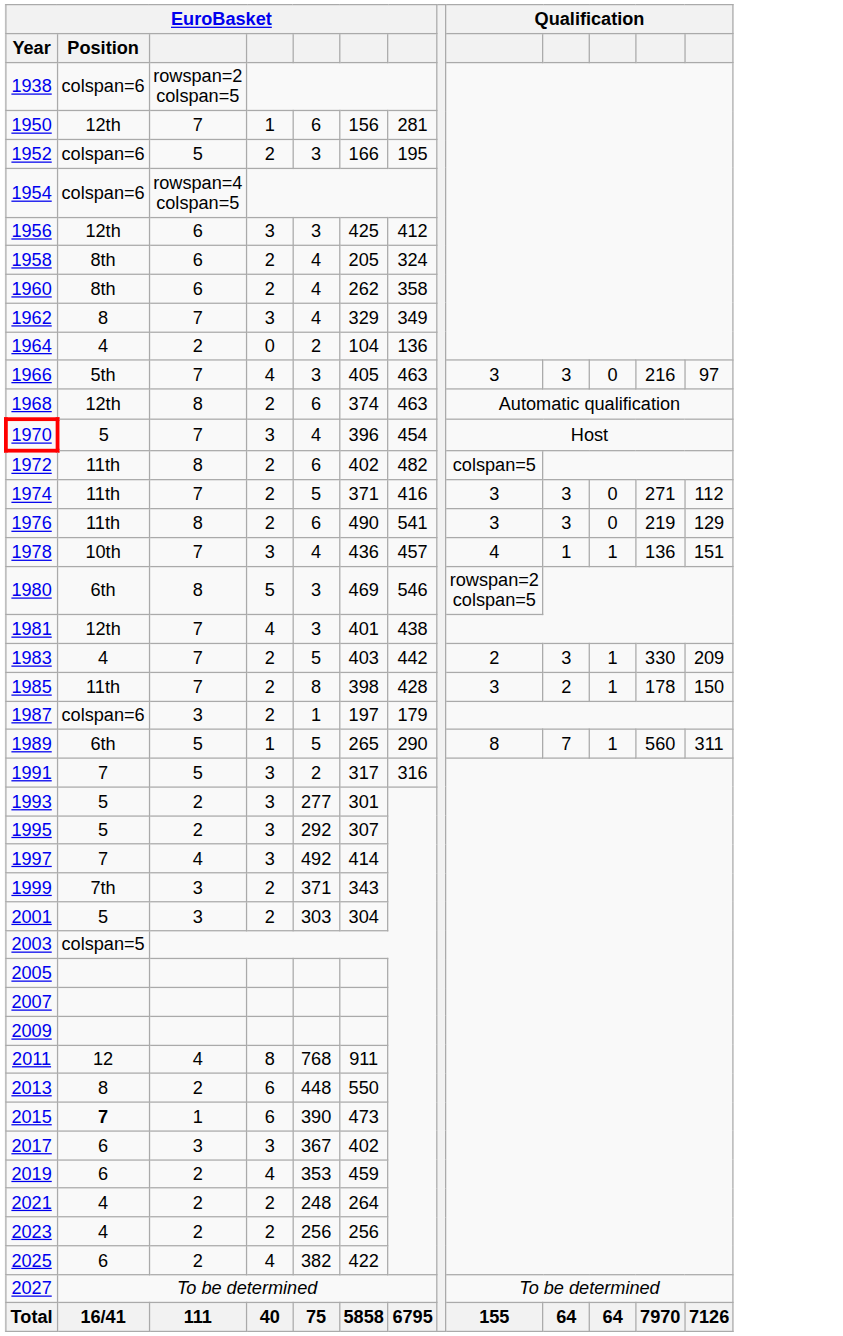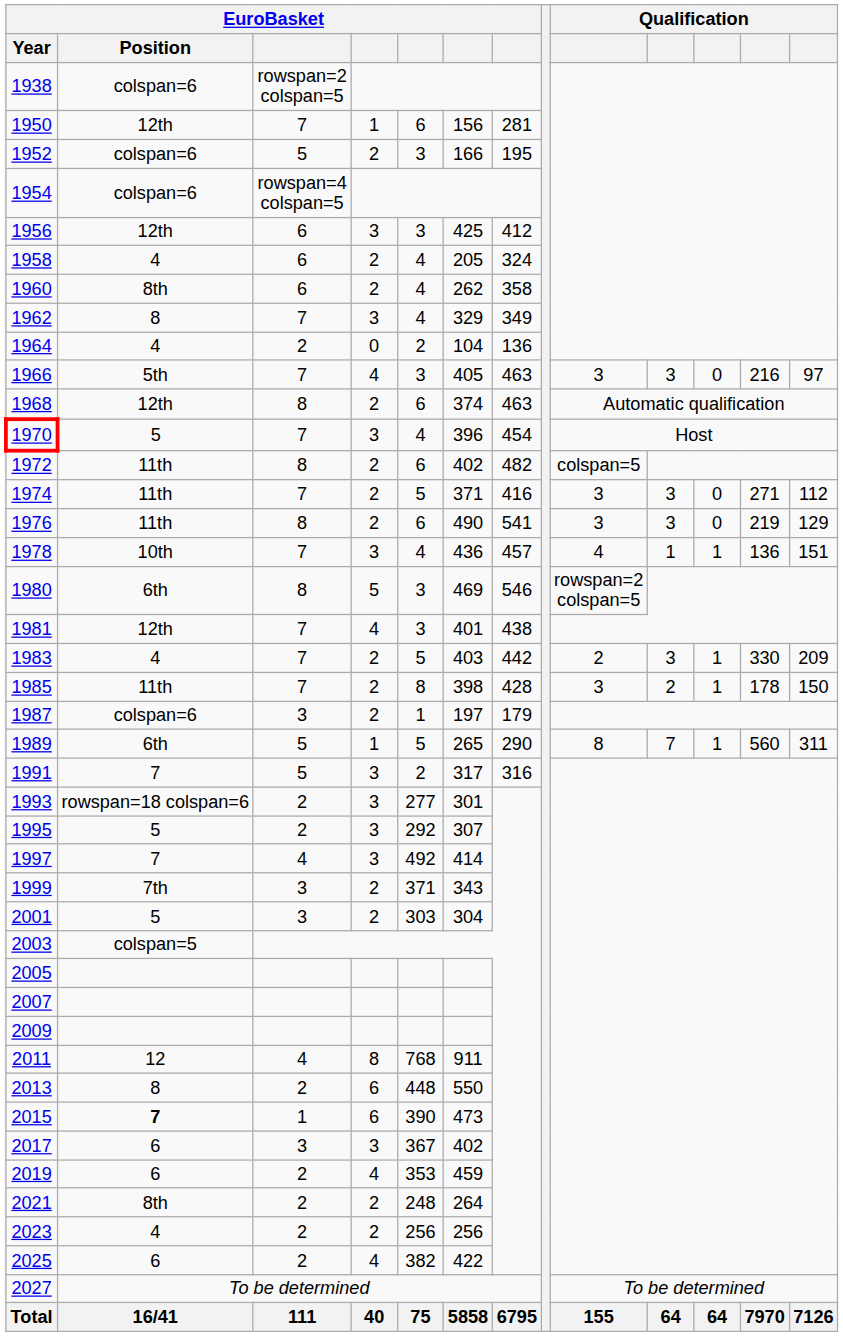 <table class="wikitable" style="text-align:center;font-size:90%;">
 <tr>
 <th colspan="7"><a href='#'>EuroBasket</a></th>
 <th rowspan="44"></th>
 <th colspan="5">Qualification</th>
 </tr>
 <tr>
 <th>Year</th>
 <th>Position</th>
 <th width="30"></th>
 <th width="30"></th>
 <th width="30"></th>
 <th width="30"></th>
 <th width="30"></th>
 <th width="30"></th>
 <th width="30"></th>
 <th width="30"></th>
 <th width="30"></th>
 <th width="30"></th>
 </tr>
 <tr>
 <td> <a href='#'>1938</a></td>
 <td>colspan=6 </td>
 <td>rowspan=2 colspan=5 </td>
 </tr>
 <tr>
 <td> <a href='#'>1950</a></td>
 <td>12th</td>
 <td>7</td>
 <td>1</td>
 <td>6</td>
 <td>156</td>
 <td>281</td>
 </tr>
 <tr>
 <td> <a href='#'>1952</a></td>
 <td>colspan=6 </td>
 <td>5</td>
 <td>2</td>
 <td>3</td>
 <td>166</td>
 <td>195</td>
 </tr>
 <tr>
 <td> <a href='#'>1954</a></td>
 <td>colspan=6 </td>
 <td>rowspan=4 colspan=5 </td>
 </tr>
 <tr>
 <td> <a href='#'>1956</a></td>
 <td>12th</td>
 <td>6</td>
 <td>3</td>
 <td>3</td>
 <td>425</td>
 <td>412</td>
 </tr>
 <tr>
 <td> <a href='#'>1958</a></td>
-<td>8th</td>
+<td>4</td>
 <td>6</td>
 <td>2</td>
 <td>4</td>
 <td>205</td>
 <td>324</td>
 </tr>
 <tr>
 <td> <a href='#'>1960</a></td>
 <td>8th</td>
 <td>6</td>
 <td>2</td>
 <td>4</td>
 <td>262</td>
 <td>358</td>
 </tr>
 <tr>
 <td> <a href='#'>1962</a></td>
 <td>8</td>
 <td>7</td>
 <td>3</td>
 <td>4</td>
 <td>329</td>
 <td>349</td>
 </tr>
 <tr>
 <td> <a href='#'>1964</a></td>
 <td>4</td>
 <td>2</td>
 <td>0</td>
 <td>2</td>
 <td>104</td>
 <td>136</td>
 </tr>
 <tr>
 <td> <a href='#'>1966</a></td>
 <td>5th</td>
 <td>7</td>
 <td>4</td>
 <td>3</td>
 <td>405</td>
 <td>463</td>
 <td>3</td>
 <td>3</td>
 <td>0</td>
 <td>216</td>
 <td>97</td>
 </tr>
 <tr>
 <td> <a href='#'>1968</a></td>
 <td>12th</td>
 <td>8</td>
 <td>2</td>
 <td>6</td>
 <td>374</td>
 <td>463</td>
 <td colspan=5>Automatic qualification</td>
 </tr>
 <tr>
 <td style="border: 3px solid red"> <a href='#'>1970</a></td>
 <td>5</td>
 <td>7</td>
 <td>3</td>
 <td>4</td>
 <td>396</td>
 <td>454</td>
 <td colspan=5>Host</td>
 </tr>
 <tr>
 <td> <a href='#'>1972</a></td>
 <td>11th</td>
 <td>8</td>
 <td>2</td>
 <td>6</td>
 <td>402</td>
 <td>482</td>
 <td>colspan=5 </td>
 </tr>
 <tr>
 <td> <a href='#'>1974</a></td>
 <td>11th</td>
 <td>7</td>
 <td>2</td>
 <td>5</td>
 <td>371</td>
 <td>416</td>
 <td>3</td>
 <td>3</td>
 <td>0</td>
 <td>271</td>
 <td>112</td>
 </tr>
 <tr>
 <td> <a href='#'>1976</a></td>
 <td>11th</td>
 <td>8</td>
 <td>2</td>
 <td>6</td>
 <td>490</td>
 <td>541</td>
 <td>3</td>
 <td>3</td>
 <td>0</td>
 <td>219</td>
 <td>129</td>
 </tr>
 <tr>
 <td> <a href='#'>1978</a></td>
 <td>10th</td>
 <td>7</td>
 <td>3</td>
 <td>4</td>
 <td>436</td>
 <td>457</td>
 <td>4</td>
 <td>1</td>
 <td>1</td>
 <td>136</td>
 <td>151</td>
 </tr>
 <tr>
 <td> <a href='#'>1980</a></td>
 <td>6th</td>
 <td>8</td>
 <td>5</td>
 <td>3</td>
 <td>469</td>
 <td>546</td>
 <td>rowspan=2 colspan=5 </td>
 </tr>
 <tr>
 <td> <a href='#'>1981</a></td>
 <td>12th</td>
 <td>7</td>
 <td>4</td>
 <td>3</td>
 <td>401</td>
 <td>438</td>
 </tr>
 <tr>
 <td> <a href='#'>1983</a></td>
 <td>4</td>
 <td>7</td>
 <td>2</td>
 <td>5</td>
 <td>403</td>
 <td>442</td>
 <td>2</td>
 <td>3</td>
 <td>1</td>
 <td>330</td>
 <td>209</td>
 </tr>
 <tr>
 <td> <a href='#'>1985</a></td>
 <td>11th</td>
 <td>7</td>
 <td>2</td>
 <td>8</td>
 <td>398</td>
 <td>428</td>
 <td>3</td>
 <td>2</td>
 <td>1</td>
 <td>178</td>
 <td>150</td>
 </tr>
 <tr>
 <td> <a href='#'>1987</a></td>
 <td>colspan=6 </td>
 <td>3</td>
 <td>2</td>
 <td>1</td>
 <td>197</td>
 <td>179</td>
 </tr>
 <tr>
 <td> <a href='#'>1989</a></td>
 <td>6th</td>
 <td>5</td>
 <td>1</td>
 <td>5</td>
 <td>265</td>
 <td>290</td>
 <td>8</td>
 <td>7</td>
 <td>1</td>
 <td>560</td>
 <td>311</td>
 </tr>
 <tr>
 <td> <a href='#'>1991</a></td>
 <td>7</td>
 <td>5</td>
 <td>3</td>
 <td>2</td>
 <td>317</td>
 <td>316</td>
 </tr>
 <tr>
 <td> <a href='#'>1993</a></td>
-<td>5</td>
+<td>rowspan=18 colspan=6 </td>
 <td>2</td>
 <td>3</td>
 <td>277</td>
 <td>301</td>
 </tr>
 <tr>
 <td> <a href='#'>1995</a></td>
 <td>5</td>
 <td>2</td>
 <td>3</td>
 <td>292</td>
 <td>307</td>
 </tr>
 <tr>
 <td> <a href='#'>1997</a></td>
 <td>7</td>
 <td>4</td>
 <td>3</td>
 <td>492</td>
 <td>414</td>
 </tr>
 <tr>
 <td> <a href='#'>1999</a></td>
 <td>7th</td>
 <td>3</td>
 <td>2</td>
 <td>371</td>
 <td>343</td>
 </tr>
 <tr>
 <td> <a href='#'>2001</a></td>
 <td>5</td>
 <td>3</td>
 <td>2</td>
 <td>303</td>
 <td>304</td>
 </tr>
 <tr>
 <td> <a href='#'>2003</a></td>
 <td>colspan=5 </td>
 </tr>
 <tr>
 <td> <a href='#'>2005</a></td>
 <td></td>
 <td></td>
 <td></td>
 <td></td>
 <td></td>
 </tr>
 <tr>
 <td> <a href='#'>2007</a></td>
 <td></td>
 <td></td>
 <td></td>
 <td></td>
 <td></td>
 </tr>
 <tr>
 <td> <a href='#'>2009</a></td>
 <td></td>
 <td></td>
 <td></td>
 <td></td>
 <td></td>
 </tr>
 <tr>
 <td> <a href='#'>2011</a></td>
 <td>12</td>
 <td>4</td>
 <td>8</td>
 <td>768</td>
 <td>911</td>
 </tr>
 <tr>
 <td> <a href='#'>2013</a></td>
 <td>8</td>
 <td>2</td>
 <td>6</td>
 <td>448</td>
 <td>550</td>
 </tr>
 <tr>
 <td> <a href='#'>2015</a></td>
 <td><strong>7</strong></td>
 <td>1</td>
 <td>6</td>
 <td>390</td>
 <td>473</td>
 </tr>
 <tr>
 <td><a href='#'>2017</a></td>
 <td>6</td>
 <td>3</td>
 <td>3</td>
 <td>367</td>
 <td>402</td>
 </tr>
 <tr>
 <td> <a href='#'>2019</a></td>
 <td>6</td>
 <td>2</td>
 <td>4</td>
 <td>353</td>
 <td>459</td>
 </tr>
 <tr>
 <td> <a href='#'>2021</a></td>
-<td>4</td>
+<td>8th</td>
 <td>2</td>
 <td>2</td>
 <td>248</td>
 <td>264</td>
 </tr>
 <tr>
 <td> <a href='#'>2023</a></td>
 <td>4</td>
 <td>2</td>
 <td>2</td>
 <td>256</td>
 <td>256</td>
 </tr>
 <tr>
 <td> <a href='#'>2025</a></td>
 <td>6</td>
 <td>2</td>
 <td>4</td>
 <td>382</td>
 <td>422</td>
 </tr>
 <tr>
 <td> <a href='#'>2027</a></td>
 <td colspan=6><em>To be determined</em></td>
 <td colspan=5><em>To be determined</em></td>
 </tr>
 <tr>
 <th>Total</th>
 <th>16/41</th>
 <th>111</th>
 <th>40</th>
 <th>75</th>
 <th>5858</th>
 <th>6795</th>
 <th>155</th>
 <th>64</th>
 <th>64</th>
 <th>7970</th>
 <th>7126</th>
 </tr>
 </table>
